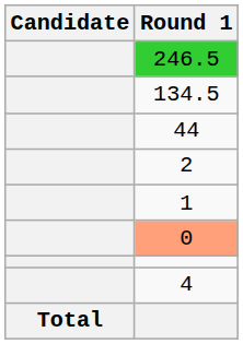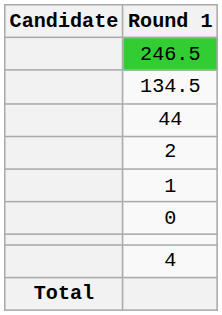 <table class="wikitable sortable plainrowheaders" style="text-align:center">
 <tr>
 <th>Candidate</th>
 <th>Round 1</th>
 </tr>
 <tr>
 <th scope="row"></th>
 <td style="background:limegreen;">246.5</td>
 </tr>
 <tr>
 <th scope="row"></th>
 <td>134.5</td>
 </tr>
 <tr>
 <th scope="row"></th>
 <td>44</td>
 </tr>
 <tr>
 <th scope="row"></th>
 <td>2</td>
 </tr>
 <tr>
 <th scope="row"></th>
 <td>1</td>
 </tr>
 <tr>
 <th scope="row"></th>
-<td style="background: lightsalmon;">0</td>
+<td>0</td>
 </tr>
 <tr>
 <th scope="row"></th>
 <td></td>
 </tr>
 <tr>
 <th scope="row"></th>
 <td>4</td>
 </tr>
 <tr>
 <th>Total</th>
 <th></th>
 </tr>
 </table>
